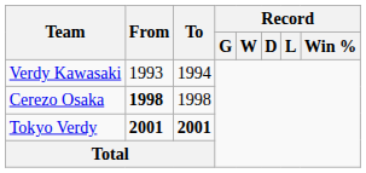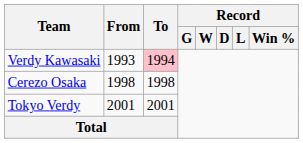 <table class="wikitable" style="text-align: center">
 <tr>
 <th rowspan="2">Team</th>
 <th rowspan="2">From</th>
 <th rowspan="2">To</th>
 <th colspan="5">Record</th>
 </tr>
 <tr>
 <th>G</th>
 <th>W</th>
 <th>D</th>
 <th>L</th>
 <th>Win %</th>
 </tr>
 <tr>
 <td align="left"><a href='#'>Verdy Kawasaki</a></td>
 <td align="left">1993</td>
-<td align="left">1994<br></td>
+<td align="left" style="background: pink;">1994<br></td>
 </tr>
 <tr>
 <td align="left"><a href='#'>Cerezo Osaka</a></td>
-<td align="left"><strong>1998</strong></td>
+<td align="left">1998</td>
 <td align="left">1998<br></td>
 </tr>
 <tr>
 <td align="left"><a href='#'>Tokyo Verdy</a></td>
-<td align="left"><strong>2001</strong></td>
-<td align="left"><strong>2001<br></strong></td>
+<td align="left">2001</td>
+<td align="left">2001<br></td>
 </tr>
 <tr>
 <th colspan="3">Total<br></th>
 </tr>
 </table>
